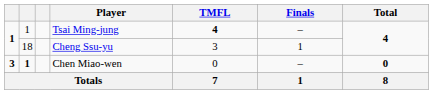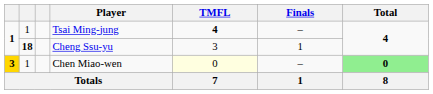 <table class="wikitable" style="text-align:center">
 <tr>
 <th width=15></th>
 <th width=15></th>
 <th width=15></th>
 <th width=175>Player</th>
 <th width=120><a href='#'>TMFL</a></th>
 <th width=120><a href='#'>Finals</a></th>
 <th width=120>Total</th>
 </tr>
 <tr>
 <td rowspan=2><strong>1</strong></td>
 <td>1</td>
 <td></td>
 <td align=left><a href='#'>Tsai Ming-jung</a></td>
 <td><strong>4</strong></td>
 <td>–</td>
 <td rowspan=2><strong>4</strong></td>
 </tr>
 <tr>
-<td>18</td>
+<td><strong>18</strong></td>
 <td></td>
 <td align=left><a href='#'>Cheng Ssu-yu</a></td>
 <td>3</td>
 <td>1</td>
 </tr>
 <tr>
-<td><strong>3</strong></td>
-<td><strong>1</strong></td>
+<td style="background: gold;"><strong>3</strong></td>
+<td>1</td>
 <td></td>
 <td align=left>Chen Miao-wen</td>
-<td>0</td>
+<td style="background: lightyellow;">0</td>
 <td>–</td>
-<td><strong>0</strong></td>
+<td style="background: lightgreen;"><strong>0</strong></td>
 </tr>
 <tr>
 <th colspan=4><strong>Totals</strong></th>
 <th><strong>7</strong></th>
 <th><strong>1</strong></th>
 <th><strong>8</strong></th>
 </tr>
 </table>
